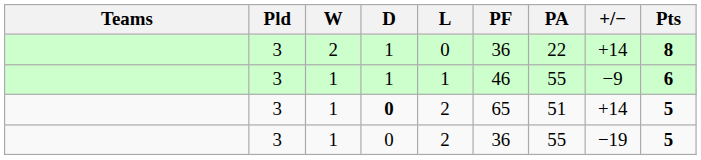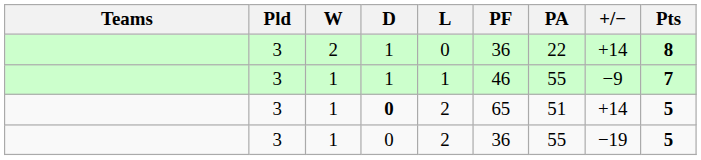 <table class="wikitable" style="text-align: center;">
 <tr>
 <th width="200">Teams</th>
 <th width="40">Pld</th>
 <th width="40">W</th>
 <th width="40">D</th>
 <th width="40">L</th>
 <th width="40">PF</th>
 <th width="40">PA</th>
 <th width="40">+/−</th>
 <th width="40">Pts</th>
 </tr>
 <tr bgcolor=ccffcc>
 <td align=left></td>
 <td>3</td>
 <td>2</td>
 <td>1</td>
 <td>0</td>
 <td>36</td>
 <td>22</td>
 <td>+14</td>
 <td><strong>8</strong></td>
 </tr>
 <tr bgcolor=ccffcc>
 <td align=left></td>
 <td>3</td>
 <td>1</td>
 <td>1</td>
 <td>1</td>
 <td>46</td>
 <td>55</td>
 <td>−9</td>
-<td><strong>6</strong></td>
+<td><strong>7</strong></td>
 </tr>
 <tr>
 <td align=left></td>
 <td>3</td>
 <td>1</td>
 <td><strong>0</strong></td>
 <td>2</td>
 <td>65</td>
 <td>51</td>
 <td>+14</td>
 <td><strong>5</strong></td>
 </tr>
 <tr>
 <td align=left></td>
 <td>3</td>
 <td>1</td>
 <td>0</td>
 <td>2</td>
 <td>36</td>
 <td>55</td>
 <td>−19</td>
 <td><strong>5</strong></td>
 </tr>
 </table>
